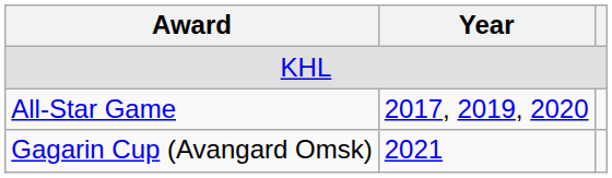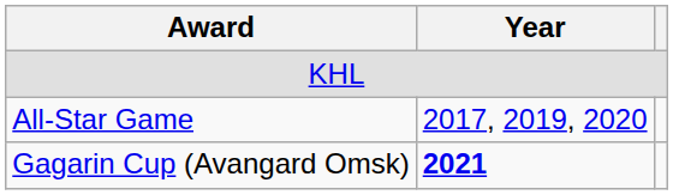 <table class="wikitable">
 <tr>
 <th>Award</th>
 <th>Year</th>
 <th></th>
 </tr>
 <tr ALIGN="center" bgcolor="#e0e0e0">
 <td colspan="3"><a href='#'>KHL</a></td>
 </tr>
 <tr>
 <td><a href='#'>All-Star Game</a></td>
 <td><a href='#'>2017</a>, <a href='#'>2019</a>, <a href='#'>2020</a></td>
 <td></td>
 </tr>
 <tr>
 <td><a href='#'>Gagarin Cup</a> (Avangard Omsk)</td>
-<td><a href='#'>2021</a></td>
+<td><strong><a href='#'>2021</a></strong></td>
 <td></td>
 </tr>
 </table>
